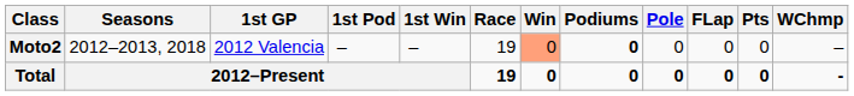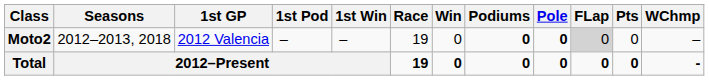 <table class="wikitable" style="font-size:98%; text-align:right;">
 <tr>
 <th>Class</th>
 <th>Seasons</th>
 <th>1st GP</th>
 <th>1st Pod</th>
 <th>1st Win</th>
 <th>Race</th>
 <th>Win</th>
 <th>Podiums</th>
 <th><a href='#'>Pole</a></th>
 <th>FLap</th>
 <th>Pts</th>
 <th>WChmp</th>
 </tr>
 <tr>
 <th>Moto2</th>
 <td>2012–2013, 2018</td>
 <td align="left"><a href='#'>2012 Valencia</a></td>
 <td align="left"> –</td>
 <td align="left"> –</td>
 <td>19</td>
-<td style="background: lightsalmon;">0</td>
+<td>0</td>
 <td><strong>0</strong></td>
-<td>0</td>
-<td>0</td>
+<td><strong>0</strong></td>
+<td style="background: lightgrey;">0</td>
 <td>0</td>
 <td> –</td>
 </tr>
 <tr>
 <th>Total</th>
 <th colspan=4>2012–Present</th>
 <td><strong>19</strong></td>
 <td><strong>0</strong></td>
 <td><strong>0</strong></td>
 <td><strong>0</strong></td>
 <td><strong>0</strong></td>
 <td><strong>0</strong></td>
 <td><strong>-</strong></td>
 </tr>
 </table>
